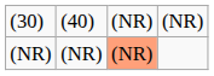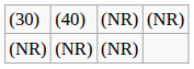 <table class="wikitable">
 <tr>
 <td> (30)</td>
 <td> (40)</td>
 <td> (NR)</td>
 <td> (NR)</td>
 </tr>
 <tr>
 <td> (NR)</td>
 <td> (NR)</td>
-<td style="background: lightsalmon;"> (NR)</td>
+<td> (NR)</td>
 </tr>
 </table>
